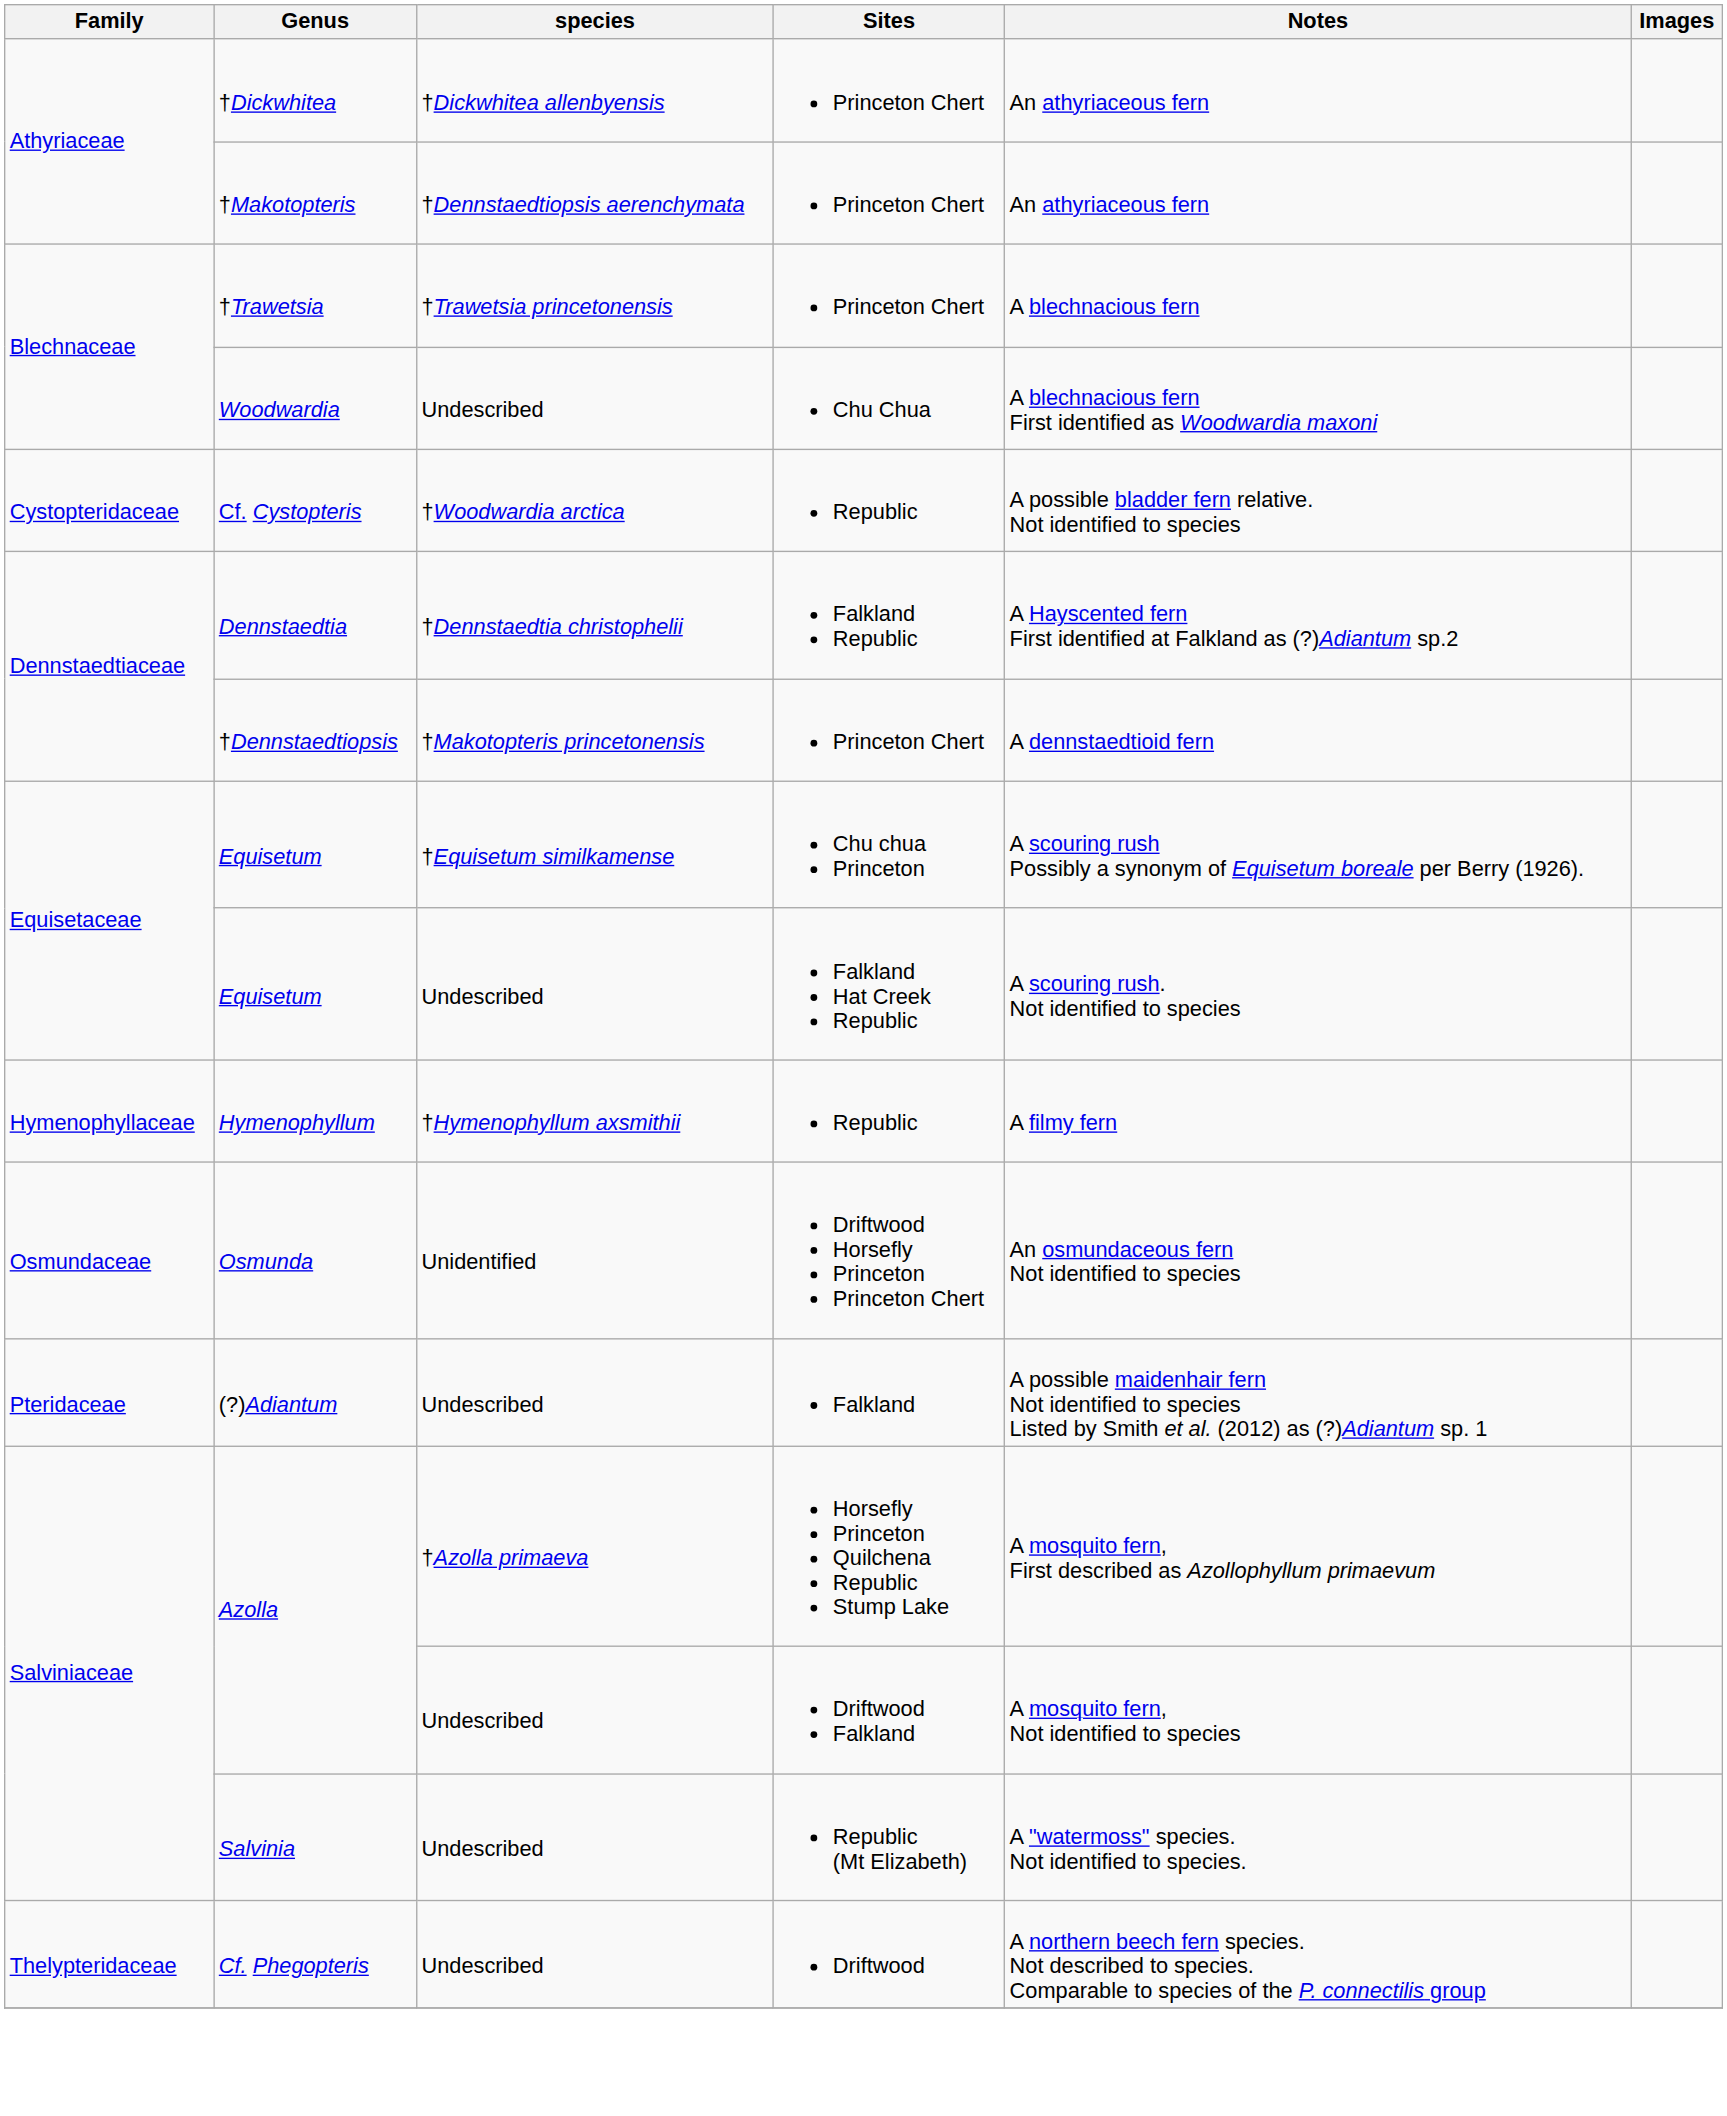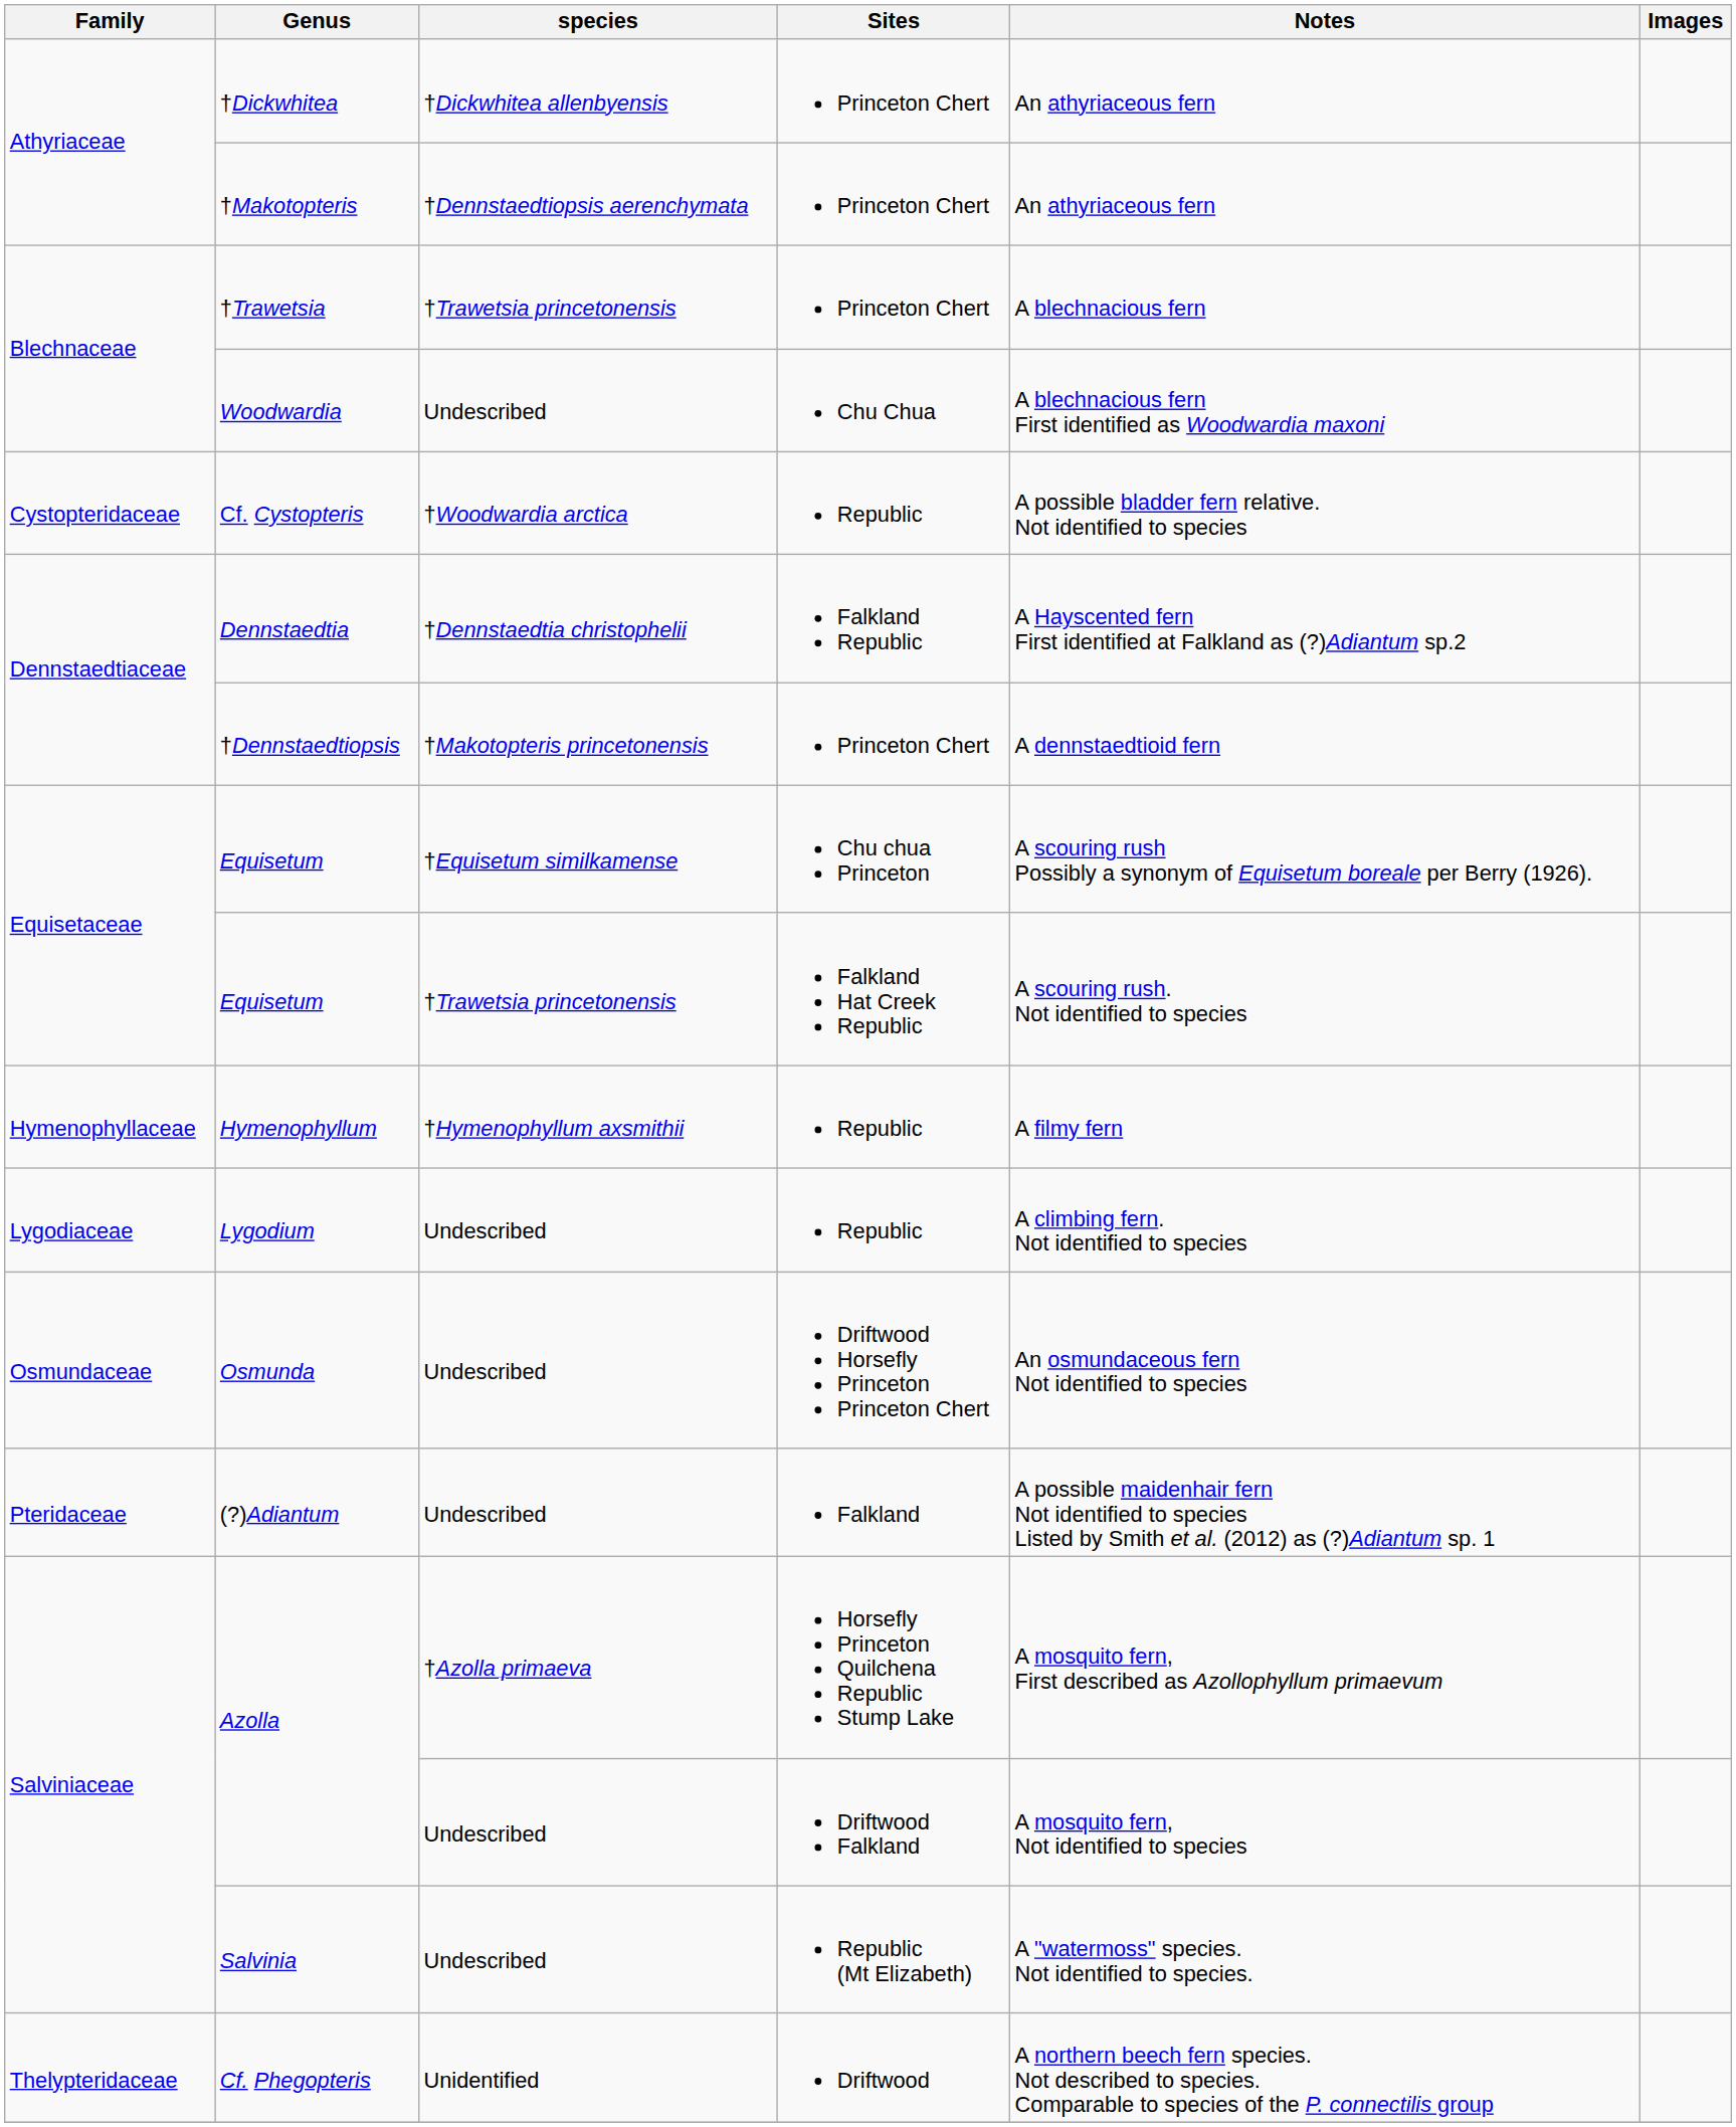 <table class="wikitable sortable mw-collapsible" style="margin:auto; width:100%">
 <tr>
 <th>Family</th>
 <th>Genus</th>
 <th>species</th>
 <th>Sites</th>
 <th>Notes</th>
 <th>Images</th>
 </tr>
 <tr>
 <td rowspan=2><a href='#'>Athyriaceae</a></td>
 <td><br>†<em><a href='#'>Dickwhitea</a></em></td>
 <td><br>†<em><a href='#'>Dickwhitea allenbyensis</a></em></td>
 <td><br><ul><li>Princeton Chert</li></ul></td>
 <td><br>An <a href='#'>athyriaceous fern</a></td>
 <td></td>
 </tr>
 <tr>
 <td><br>†<em><a href='#'>Makotopteris</a></em></td>
 <td><br>†<em><a href='#'>Dennstaedtiopsis aerenchymata</a></em></td>
 <td><br><ul><li>Princeton Chert</li></ul></td>
 <td><br>An <a href='#'>athyriaceous fern</a></td>
 <td></td>
 </tr>
 <tr>
 <td rowspan=2><a href='#'>Blechnaceae</a></td>
 <td><br>†<em><a href='#'>Trawetsia</a></em></td>
 <td><br>†<em><a href='#'>Trawetsia princetonensis</a></em></td>
 <td><br><ul><li>Princeton Chert</li></ul></td>
 <td><br>A <a href='#'>blechnacious fern</a></td>
 <td></td>
 </tr>
 <tr>
 <td><br><em><a href='#'>Woodwardia</a></em></td>
 <td><br>Undescribed</td>
 <td><br><ul><li>Chu Chua</li></ul></td>
 <td><br>A <a href='#'>blechnacious fern</a><br>First identified as <em><a href='#'>Woodwardia maxoni</a></em></td>
 <td><br></td>
 </tr>
 <tr>
 <td><br><a href='#'>Cystopteridaceae</a></td>
 <td><br><a href='#'>Cf.</a> <em><a href='#'>Cystopteris</a></em></td>
 <td><br>†<em><a href='#'>Woodwardia arctica</a></em></td>
 <td><br><ul><li>Republic</li></ul></td>
 <td><br>A possible <a href='#'>bladder fern</a> relative. <br>Not identified to species</td>
 <td></td>
 </tr>
 <tr>
 <td rowspan=2><a href='#'>Dennstaedtiaceae</a></td>
 <td><br><em><a href='#'>Dennstaedtia</a></em></td>
 <td><br>†<em><a href='#'>Dennstaedtia christophelii</a></em></td>
 <td><br><ul><li>Falkland</li><li>Republic</li></ul></td>
 <td><br>A <a href='#'>Hayscented fern</a><br>First identified at Falkland as (?)<em><a href='#'>Adiantum</a></em> sp.2</td>
 <td><br></td>
 </tr>
 <tr>
 <td><br>†<em><a href='#'>Dennstaedtiopsis</a></em></td>
 <td><br>†<em><a href='#'>Makotopteris princetonensis</a></em></td>
 <td><br><ul><li>Princeton Chert</li></ul></td>
 <td><br>A <a href='#'>dennstaedtioid fern</a></td>
 <td></td>
 </tr>
 <tr>
 <td rowspan=2><a href='#'>Equisetaceae</a></td>
 <td><br><em><a href='#'>Equisetum</a></em></td>
 <td><br>†<em><a href='#'>Equisetum similkamense</a></em></td>
 <td><br><ul><li>Chu chua</li><li>Princeton</li></ul></td>
 <td><br>A <a href='#'>scouring rush</a><br>Possibly a synonym of <em><a href='#'>Equisetum boreale</a></em> per Berry (1926).</td>
 <td><br></td>
 </tr>
 <tr>
 <td><br><em><a href='#'>Equisetum</a></em></td>
-<td><br>Undescribed</td>
+<td><br>†<em><a href='#'>Trawetsia princetonensis</a></em></td>
 <td><br><ul><li>Falkland</li><li>Hat Creek</li><li>Republic</li></ul></td>
 <td><br>A <a href='#'>scouring rush</a>. <br>Not identified to species</td>
 <td><br></td>
 </tr>
 <tr>
 <td><br><a href='#'>Hymenophyllaceae</a></td>
 <td><br><em><a href='#'>Hymenophyllum</a></em></td>
 <td><br>†<em><a href='#'>Hymenophyllum axsmithii</a></em></td>
 <td><br><ul><li>Republic</li></ul></td>
 <td><br>A <a href='#'>filmy fern</a></td>
 <td></td>
 </tr>
 <tr>
+<td><br><a href='#'>Lygodiaceae</a></td>
+<td><br><em><a href='#'>Lygodium</a></em></td>
+<td><br>Undescribed</td>
+<td><br><ul><li>Republic</li></ul></td>
+<td><br>A <a href='#'>climbing fern</a>. <br>Not identified to species</td>
+<td></td>
+</tr>
+<tr>
 <td><br><a href='#'>Osmundaceae</a></td>
 <td><br><em><a href='#'>Osmunda</a></em></td>
-<td><br>Unidentified</td>
+<td><br>Undescribed</td>
 <td><br><ul><li>Driftwood</li><li>Horsefly</li><li>Princeton</li><li>Princeton Chert</li></ul></td>
 <td><br>An <a href='#'>osmundaceous fern</a><br>Not identified to species</td>
 <td></td>
 </tr>
 <tr>
 <td><br><a href='#'>Pteridaceae</a></td>
 <td><br>(?)<em><a href='#'>Adiantum</a></em></td>
 <td><br>Undescribed</td>
 <td><br><ul><li>Falkland</li></ul></td>
 <td><br>A possible <a href='#'>maidenhair fern</a><br>Not identified to species<br>Listed by Smith <em>et al.</em> (2012) as (?)<em><a href='#'>Adiantum</a></em> sp. 1</td>
 <td></td>
 </tr>
 <tr>
 <td rowspan=3><a href='#'>Salviniaceae</a></td>
 <td rowspan=2><em><a href='#'>Azolla</a></em></td>
 <td><br>†<em><a href='#'>Azolla primaeva</a></em></td>
 <td><br><ul><li>Horsefly</li><li>Princeton</li><li>Quilchena</li><li>Republic</li><li>Stump Lake</li></ul></td>
 <td><br>A <a href='#'>mosquito fern</a>,<br> First described as <em>Azollophyllum primaevum</em></td>
 <td><br></td>
 </tr>
 <tr>
 <td><br>Undescribed</td>
 <td><br><ul><li>Driftwood</li><li>Falkland</li></ul></td>
 <td><br>A <a href='#'>mosquito fern</a>,<br>Not identified to species</td>
 <td></td>
 </tr>
 <tr>
 <td><br><em><a href='#'>Salvinia</a></em></td>
 <td><br>Undescribed</td>
 <td><br><ul><li>Republic<br>(Mt Elizabeth)</li></ul></td>
 <td><br>A <a href='#'>"watermoss"</a> species. <br>Not identified to species.</td>
 <td><br></td>
 </tr>
 <tr>
 <td><br><a href='#'>Thelypteridaceae</a></td>
 <td><br><em><a href='#'>Cf.</a></em> <em><a href='#'>Phegopteris</a></em></td>
-<td><br>Undescribed</td>
+<td><br>Unidentified</td>
 <td><br><ul><li>Driftwood</li></ul></td>
 <td><br>A <a href='#'>northern beech fern</a> species. <br>Not described to species.<br>Comparable to species of the <a href='#'><em>P. connectilis</em> group</a></td>
 <td><br></td>
 </tr>
 <tr>
 </tr>
 </table>
